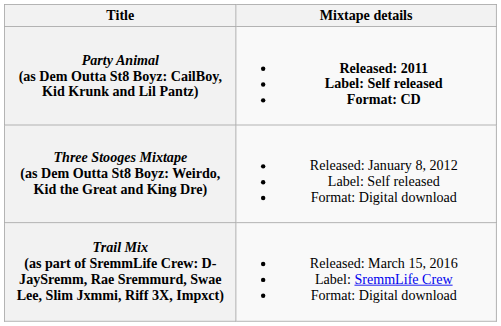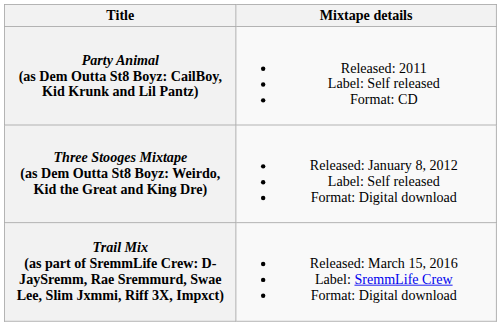 <table class="wikitable plainrowheaders" style="text-align:center;">
 <tr>
 <th scope="col" style="width:16em;">Title</th>
 <th scope="col" style="width:18em;">Mixtape details</th>
 </tr>
 <tr>
 <th scope="row"><em>Party Animal</em><br><span>(as Dem Outta St8 Boyz: CailBoy, Kid Krunk and Lil Pantz)</span></th>
-<td><strong><br><ul><li>Released: 2011</li><li>Label: Self released</li><li>Format: CD</li></ul></strong></td>
+<td><br><ul><li>Released: 2011</li><li>Label: Self released</li><li>Format: CD</li></ul></td>
 </tr>
 <tr>
 <th scope="row"><em>Three Stooges Mixtape</em><br><span>(as Dem Outta St8 Boyz: Weirdo, Kid the Great and King Dre)</span></th>
 <td><br><ul><li>Released: January 8, 2012</li><li>Label: Self released</li><li>Format: Digital download</li></ul></td>
 </tr>
 <tr>
 <th scope="row"><em>Trail Mix</em><br><span>(as part of SremmLife Crew: D-JaySremm, Rae Sremmurd, Swae Lee, Slim Jxmmi, Riff 3X, Impxct)</span></th>
 <td><br><ul><li>Released: March 15, 2016</li><li>Label: <a href='#'>SremmLife Crew</a></li><li>Format: Digital download</li></ul></td>
 </tr>
 </table>
